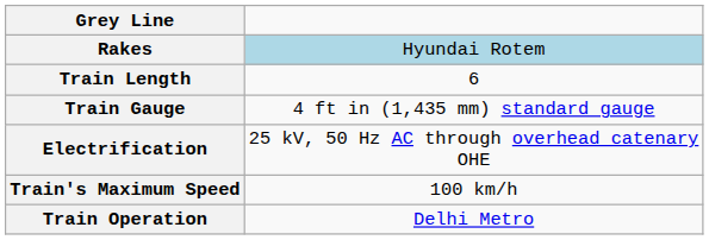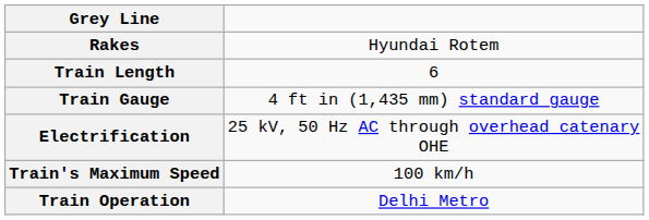 <table class="wikitable" style="text-align:center">
 <tr>
 <th style="background:#"><span>Grey Line</span></th>
 </tr>
 <tr>
 <th scope="row">Rakes</th>
-<td style="background: lightblue;">Hyundai Rotem</td>
+<td>Hyundai Rotem</td>
 </tr>
 <tr>
 <th scope="row">Train Length</th>
 <td colspan="2">6</td>
 </tr>
 <tr>
 <th scope="row">Train Gauge</th>
 <td colspan="2">4 ft  in (1,435 mm) <a href='#'>standard gauge</a></td>
 </tr>
 <tr>
 <th scope="row">Electrification</th>
 <td colspan="2">25 kV, 50 Hz <a href='#'>AC</a> through <a href='#'>overhead catenary</a> <br>OHE</td>
 </tr>
 <tr>
 <th scope="row">Train's Maximum Speed</th>
 <td colspan="2">100 km/h</td>
 </tr>
 <tr>
 <th scope="row">Train Operation</th>
 <td colspan="2"><a href='#'>Delhi Metro</a></td>
 </tr>
 </table>
